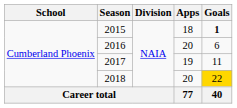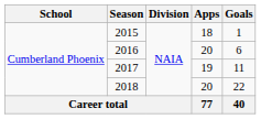 <table class="wikitable" style="text-align: center;">
 <tr>
 <th>School</th>
 <th>Season</th>
 <th>Division</th>
 <th>Apps</th>
 <th>Goals</th>
 </tr>
 <tr>
 <td rowspan="4"><a href='#'>Cumberland Phoenix</a></td>
 <td>2015</td>
 <td rowspan="4"><a href='#'>NAIA</a></td>
 <td>18</td>
-<td><strong>1</strong></td>
+<td>1</td>
 </tr>
 <tr>
 <td>2016</td>
 <td>20</td>
 <td>6</td>
 </tr>
 <tr>
 <td>2017</td>
 <td>19</td>
 <td>11</td>
 </tr>
 <tr>
 <td>2018</td>
 <td>20</td>
-<td style="background: gold;">22</td>
+<td>22</td>
 </tr>
 <tr>
 <th colspan="3">Career total</th>
 <th>77</th>
 <th>40</th>
 </tr>
 </table>
